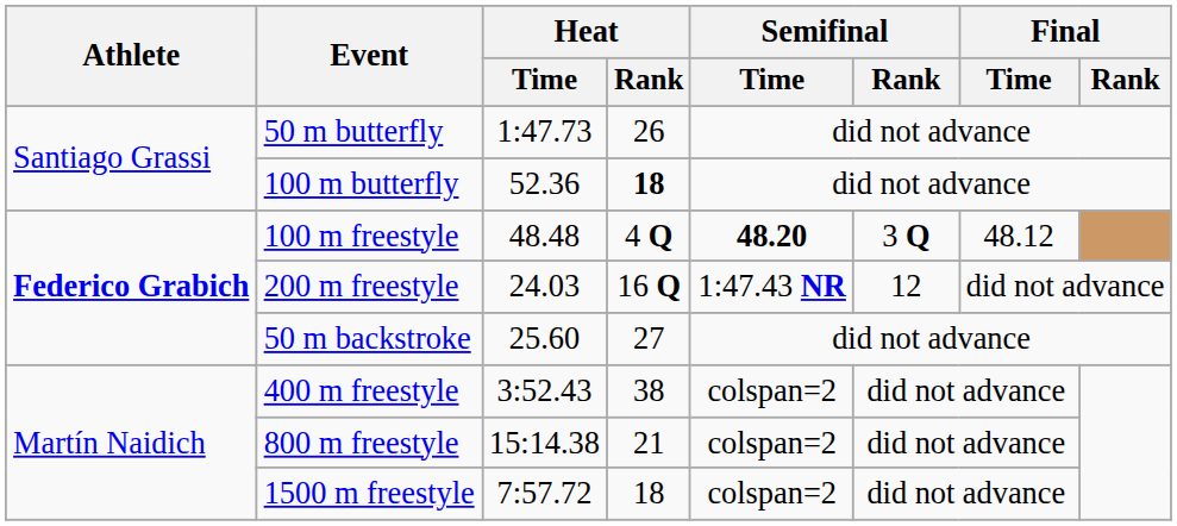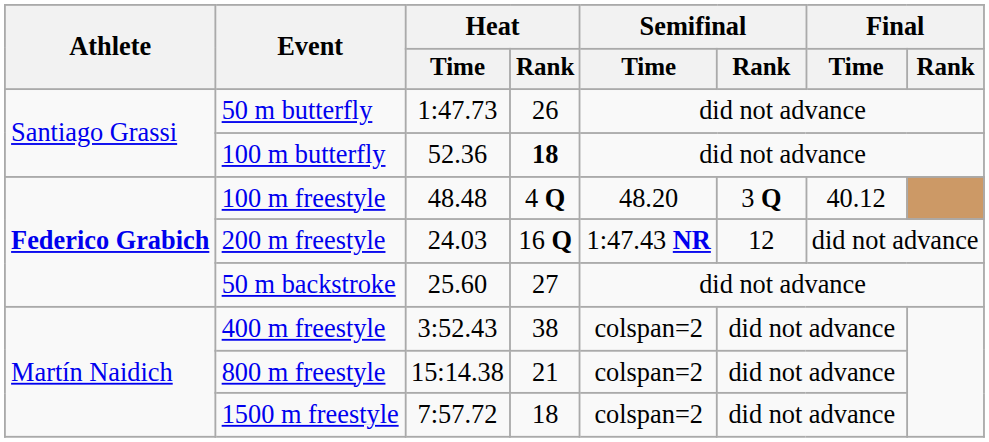 <table class=wikitable style=font-size:90%>
 <tr>
 <th rowspan=2>Athlete</th>
 <th rowspan=2>Event</th>
 <th colspan=2>Heat</th>
 <th colspan=2>Semifinal</th>
 <th colspan=2>Final</th>
 </tr>
 <tr style=font-size:95%>
 <th>Time</th>
 <th>Rank</th>
 <th>Time</th>
 <th>Rank</th>
 <th>Time</th>
 <th>Rank</th>
 </tr>
 <tr align=center>
 <td align=left rowspan=2><a href='#'>Santiago Grassi</a></td>
 <td align=left><a href='#'>50 m butterfly</a></td>
 <td>1:47.73</td>
 <td>26</td>
 <td colspan=4>did not advance</td>
 </tr>
 <tr align=center>
 <td align=left><a href='#'>100 m butterfly</a></td>
 <td>52.36</td>
 <td><strong>18</strong></td>
 <td colspan=4>did not advance</td>
 </tr>
 <tr align=center>
 <td align=left rowspan=3><strong><a href='#'>Federico Grabich</a></strong></td>
 <td align=left><a href='#'>100 m freestyle</a></td>
 <td>48.48</td>
 <td>4 <strong>Q</strong></td>
-<td><strong>48.20</strong></td>
+<td>48.20</td>
 <td>3 <strong>Q</strong></td>
-<td>48.12</td>
+<td>40.12</td>
 <td bgcolor=cc9966></td>
 </tr>
 <tr align=center>
 <td align=left><a href='#'>200 m freestyle</a></td>
 <td>24.03</td>
 <td>16 <strong>Q</strong></td>
 <td>1:47.43 <strong><a href='#'>NR</a></strong></td>
 <td>12</td>
 <td colspan=2>did not advance</td>
 </tr>
 <tr align=center>
 <td align=left><a href='#'>50 m backstroke</a></td>
 <td>25.60</td>
 <td>27</td>
 <td colspan=4>did not advance</td>
 </tr>
 <tr align=center>
 <td align=left rowspan=3><a href='#'>Martín Naidich</a></td>
 <td align=left><a href='#'>400 m freestyle</a></td>
 <td>3:52.43</td>
 <td>38</td>
 <td>colspan=2 </td>
 <td colspan=2>did not advance</td>
 </tr>
 <tr align=center>
 <td align=left><a href='#'>800 m freestyle</a></td>
 <td>15:14.38</td>
 <td>21</td>
 <td>colspan=2 </td>
 <td colspan=2>did not advance</td>
 </tr>
 <tr align=center>
 <td align=left><a href='#'>1500 m freestyle</a></td>
 <td>7:57.72</td>
 <td>18</td>
 <td>colspan=2 </td>
 <td colspan=2>did not advance</td>
 </tr>
 </table>
